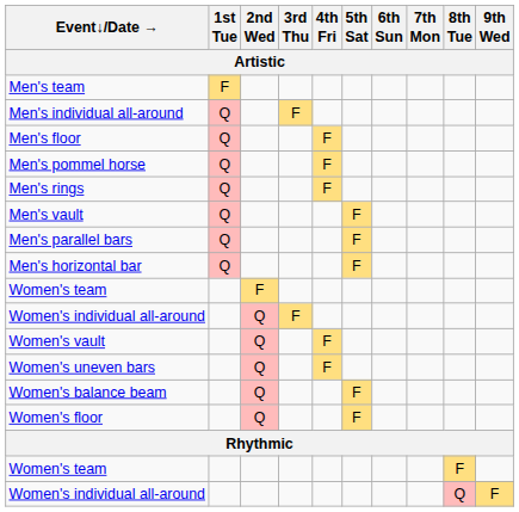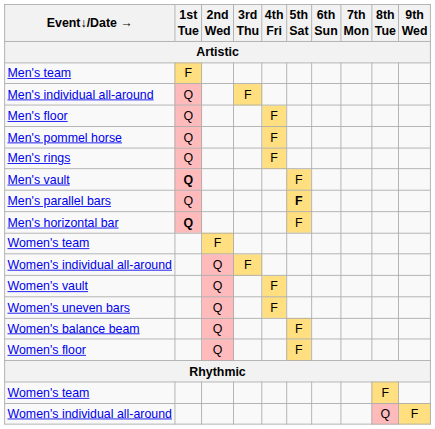 <table class="wikitable" style="margin:0.5em auto; font-size:90%; line-height:1.25em; text-align:center;">
 <tr>
 <th>Event↓/Date →</th>
 <th>1st<br>Tue</th>
 <th>2nd<br>Wed</th>
 <th>3rd<br>Thu</th>
 <th>4th<br>Fri</th>
 <th>5th<br>Sat</th>
 <th>6th<br>Sun</th>
 <th>7th<br>Mon</th>
 <th>8th<br>Tue</th>
 <th>9th<br>Wed</th>
 </tr>
 <tr>
 <th colspan=10>Artistic</th>
 </tr>
 <tr>
 <td align="left"><a href='#'>Men's team</a></td>
 <td bgcolor="#FFDF80">F</td>
 <td></td>
 <td></td>
 <td></td>
 <td></td>
 <td></td>
 <td></td>
 <td></td>
 <td></td>
 </tr>
 <tr>
 <td align="left"><a href='#'>Men's individual all-around</a></td>
 <td bgcolor="#FFBBBB">Q</td>
 <td></td>
 <td bgcolor="#FFDF80">F</td>
 <td></td>
 <td></td>
 <td></td>
 <td></td>
 <td></td>
 <td></td>
 </tr>
 <tr>
 <td align="left"><a href='#'>Men's floor</a></td>
 <td bgcolor="#FFBBBB">Q</td>
 <td></td>
 <td></td>
 <td bgcolor="#FFDF80">F</td>
 <td></td>
 <td></td>
 <td></td>
 <td></td>
 <td></td>
 </tr>
 <tr>
 <td align="left"><a href='#'>Men's pommel horse</a></td>
 <td bgcolor="#FFBBBB">Q</td>
 <td></td>
 <td></td>
 <td bgcolor="#FFDF80">F</td>
 <td></td>
 <td></td>
 <td></td>
 <td></td>
 <td></td>
 </tr>
 <tr>
 <td align="left"><a href='#'>Men's rings</a></td>
 <td bgcolor="#FFBBBB">Q</td>
 <td></td>
 <td></td>
 <td bgcolor="#FFDF80">F</td>
 <td></td>
 <td></td>
 <td></td>
 <td></td>
 <td></td>
 </tr>
 <tr>
 <td align="left"><a href='#'>Men's vault</a></td>
-<td bgcolor="#FFBBBB">Q</td>
+<td bgcolor="#FFBBBB"><strong>Q</strong></td>
 <td></td>
 <td></td>
 <td></td>
 <td bgcolor="#FFDF80">F</td>
 <td></td>
 <td></td>
 <td></td>
 <td></td>
 </tr>
 <tr>
 <td align="left"><a href='#'>Men's parallel bars</a></td>
 <td bgcolor="#FFBBBB">Q</td>
 <td></td>
 <td></td>
 <td></td>
-<td bgcolor="#FFDF80">F</td>
+<td bgcolor="#FFDF80"><strong>F</strong></td>
 <td></td>
 <td></td>
 <td></td>
 <td></td>
 </tr>
 <tr>
 <td align="left"><a href='#'>Men's horizontal bar</a></td>
-<td bgcolor="#FFBBBB">Q</td>
+<td bgcolor="#FFBBBB"><strong>Q</strong></td>
 <td></td>
 <td></td>
 <td></td>
 <td bgcolor="#FFDF80">F</td>
 <td></td>
 <td></td>
 <td></td>
 <td></td>
 </tr>
 <tr>
 <td align="left"><a href='#'>Women's team</a></td>
 <td></td>
 <td bgcolor="#FFDF80">F</td>
 <td></td>
 <td></td>
 <td></td>
 <td></td>
 <td></td>
 <td></td>
 <td></td>
 </tr>
 <tr>
 <td align="left"><a href='#'>Women's individual all-around</a></td>
 <td></td>
 <td bgcolor="#FFBBBB">Q</td>
 <td bgcolor="#FFDF80">F</td>
 <td></td>
 <td></td>
 <td></td>
 <td></td>
 <td></td>
 <td></td>
 </tr>
 <tr>
 <td align="left"><a href='#'>Women's vault</a></td>
 <td></td>
 <td bgcolor="#FFBBBB">Q</td>
 <td></td>
 <td bgcolor="#FFDF80">F</td>
 <td></td>
 <td></td>
 <td></td>
 <td></td>
 <td></td>
 </tr>
 <tr>
 <td align="left"><a href='#'>Women's uneven bars</a></td>
 <td></td>
 <td bgcolor="#FFBBBB">Q</td>
 <td></td>
 <td bgcolor="#FFDF80">F</td>
 <td></td>
 <td></td>
 <td></td>
 <td></td>
 <td></td>
 </tr>
 <tr>
 <td align="left"><a href='#'>Women's balance beam</a></td>
 <td></td>
 <td bgcolor="#FFBBBB">Q</td>
 <td></td>
 <td></td>
 <td bgcolor="#FFDF80">F</td>
 <td></td>
 <td></td>
 <td></td>
 <td></td>
 </tr>
 <tr>
 <td align="left"><a href='#'>Women's floor</a></td>
 <td></td>
 <td bgcolor="#FFBBBB">Q</td>
 <td></td>
 <td></td>
 <td bgcolor="#FFDF80">F</td>
 <td></td>
 <td></td>
 <td></td>
 <td></td>
 </tr>
 <tr>
 <th colspan=10>Rhythmic</th>
 </tr>
 <tr>
 <td align="left"><a href='#'>Women's team</a></td>
 <td></td>
 <td></td>
 <td></td>
 <td></td>
 <td></td>
 <td></td>
 <td></td>
 <td bgcolor="#FFDF80">F</td>
 <td></td>
 </tr>
 <tr>
 <td align="left"><a href='#'>Women's individual all-around</a></td>
 <td></td>
 <td></td>
 <td></td>
 <td></td>
 <td></td>
 <td></td>
 <td></td>
 <td bgcolor="#FFBBBB">Q</td>
 <td bgcolor="#FFDF80">F</td>
 </tr>
 </table>
